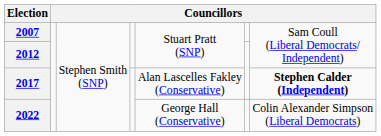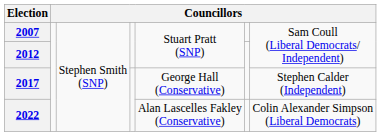 <table class="wikitable" style="text-align:center">
 <tr>
 <th>Election</th>
 <th colspan=6>Councillors</th>
 </tr>
 <tr>
 <th><a href='#'>2007</a></th>
 <td rowspan=4; style="background-color: "></td>
 <td rowspan=4>Stephen Smith<br>(<a href='#'>SNP</a>)</td>
 <td rowspan=2; style="background-color: "></td>
 <td rowspan=2>Stuart Pratt<br>(<a href='#'>SNP</a>)</td>
 <td rowspan=1; style="background-color: "></td>
 <td rowspan=2>Sam Coull<br>(<a href='#'>Liberal Democrats</a>/<br><a href='#'>Independent</a>)</td>
 </tr>
 <tr>
 <th><a href='#'>2012</a></th>
 <td rowspan=2; style="background-color: "></td>
 </tr>
 <tr>
 <th><a href='#'>2017</a></th>
 <td rowspan=2; style="background-color: "></td>
-<td rowspan=1>Alan Lascelles Fakley <br>(<a href='#'>Conservative</a>)</td>
-<td rowspan=1><strong>Stephen Calder<br>(<a href='#'>Independent</a>)</strong></td>
+<td rowspan=1>George Hall <br>(<a href='#'>Conservative</a>)</td>
+<td rowspan=1>Stephen Calder<br>(<a href='#'>Independent</a>)</td>
 </tr>
 <tr>
 <th><a href='#'>2022</a></th>
-<td rowspan=1>George Hall <br>(<a href='#'>Conservative</a>)</td>
+<td rowspan=1>Alan Lascelles Fakley <br>(<a href='#'>Conservative</a>)</td>
 <td rowspan=1; style="background-color: "></td>
 <td rowspan=2>Colin Alexander Simpson<br>(<a href='#'>Liberal Democrats</a>)</td>
 </tr>
 </table>
